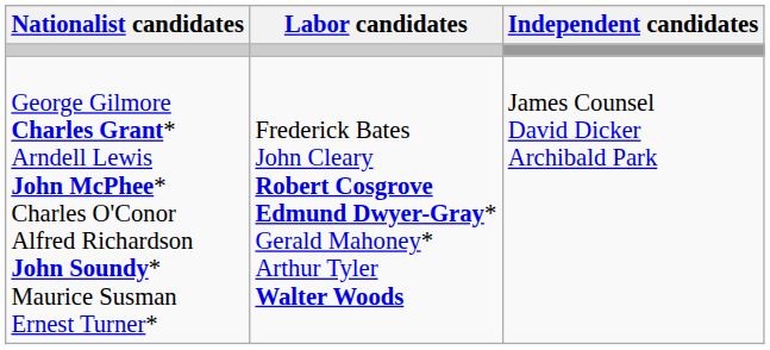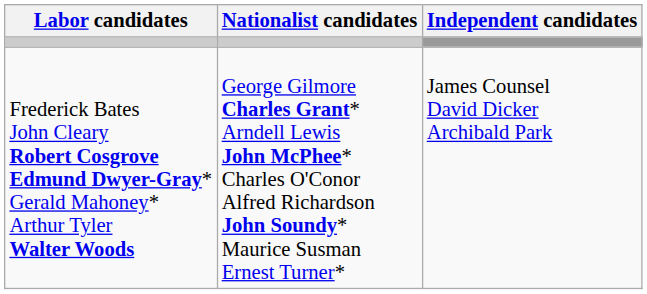 <table class="wikitable">
 <tr>
+<th><a href='#'>Labor</a> candidates</th>
 <th><a href='#'>Nationalist</a> candidates</th>
-<th><a href='#'>Labor</a> candidates</th>
 <th><a href='#'>Independent</a> candidates</th>
 </tr>
 <tr bgcolor="#cccccc">
 <td></td>
 <td></td>
 <td bgcolor="#999999"></td>
 </tr>
 <tr>
+<td><br>Frederick Bates<br> <a href='#'>John Cleary</a><br> <strong><a href='#'>Robert Cosgrove</a></strong><br> <strong><a href='#'>Edmund Dwyer-Gray</a></strong>*<br> <a href='#'>Gerald Mahoney</a>*<br> <a href='#'>Arthur Tyler</a><br> <strong><a href='#'>Walter Woods</a></strong></td>
 <td><br><a href='#'>George Gilmore</a><br> <strong><a href='#'>Charles Grant</a></strong>*<br> <a href='#'>Arndell Lewis</a><br> <strong><a href='#'>John McPhee</a></strong>*<br> Charles O'Conor<br> Alfred Richardson<br> <strong><a href='#'>John Soundy</a></strong>*<br> Maurice Susman<br> <a href='#'>Ernest Turner</a>*</td>
-<td><br>Frederick Bates<br> <a href='#'>John Cleary</a><br> <strong><a href='#'>Robert Cosgrove</a></strong><br> <strong><a href='#'>Edmund Dwyer-Gray</a></strong>*<br> <a href='#'>Gerald Mahoney</a>*<br> <a href='#'>Arthur Tyler</a><br> <strong><a href='#'>Walter Woods</a></strong></td>
 <td valign=top><br>James Counsel<br> <a href='#'>David Dicker</a><br> <a href='#'>Archibald Park</a></td>
 </tr>
 </table>
